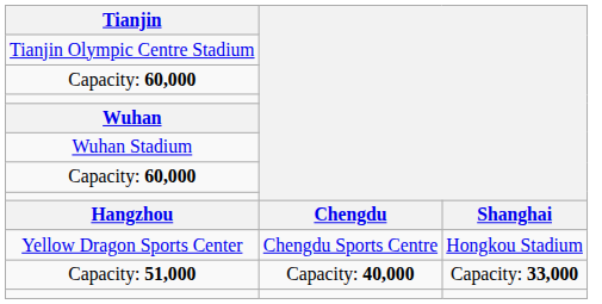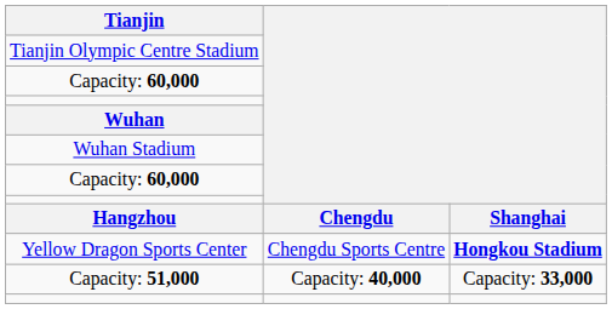 <table class="wikitable" style="text-align:center">
 <tr>
 <th><a href='#'>Tianjin</a></th>
 <th colspan="3" rowspan="8"></th>
 </tr>
 <tr>
 <td><a href='#'>Tianjin Olympic Centre Stadium</a></td>
 </tr>
 <tr>
 <td>Capacity: <strong>60,000</strong></td>
 </tr>
 <tr>
 <td></td>
 </tr>
 <tr>
 <th><a href='#'>Wuhan</a></th>
 </tr>
 <tr>
 <td><a href='#'>Wuhan Stadium</a></td>
 </tr>
 <tr>
 <td>Capacity: <strong>60,000</strong></td>
 </tr>
 <tr>
 <td></td>
 </tr>
 <tr>
 <th><a href='#'>Hangzhou</a></th>
 <th><a href='#'>Chengdu</a></th>
 <th><a href='#'>Shanghai</a></th>
 </tr>
 <tr>
 <td><a href='#'>Yellow Dragon Sports Center</a></td>
 <td><a href='#'>Chengdu Sports Centre</a></td>
-<td><a href='#'>Hongkou Stadium</a></td>
+<td><strong><a href='#'>Hongkou Stadium</a></strong></td>
 </tr>
 <tr>
 <td>Capacity: <strong>51,000</strong></td>
 <td>Capacity: <strong>40,000</strong></td>
 <td>Capacity: <strong>33,000</strong></td>
 </tr>
 <tr>
 <td></td>
 <td></td>
 <td></td>
 </tr>
 </table>
